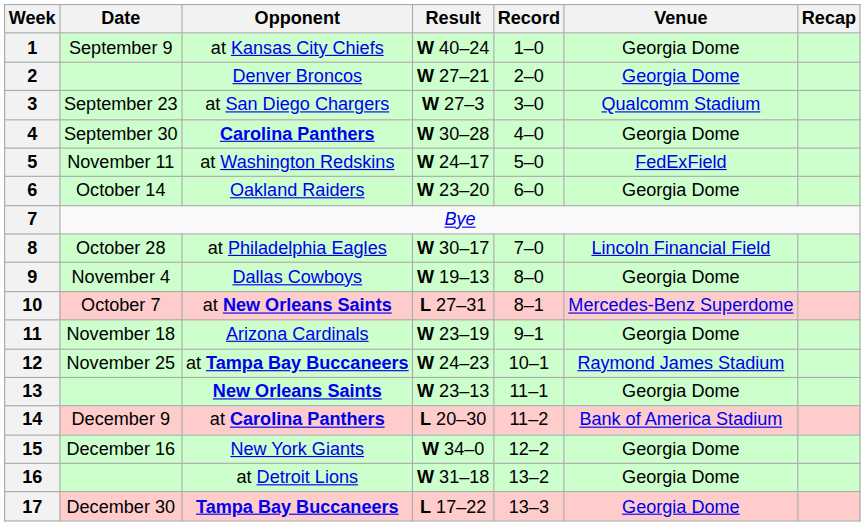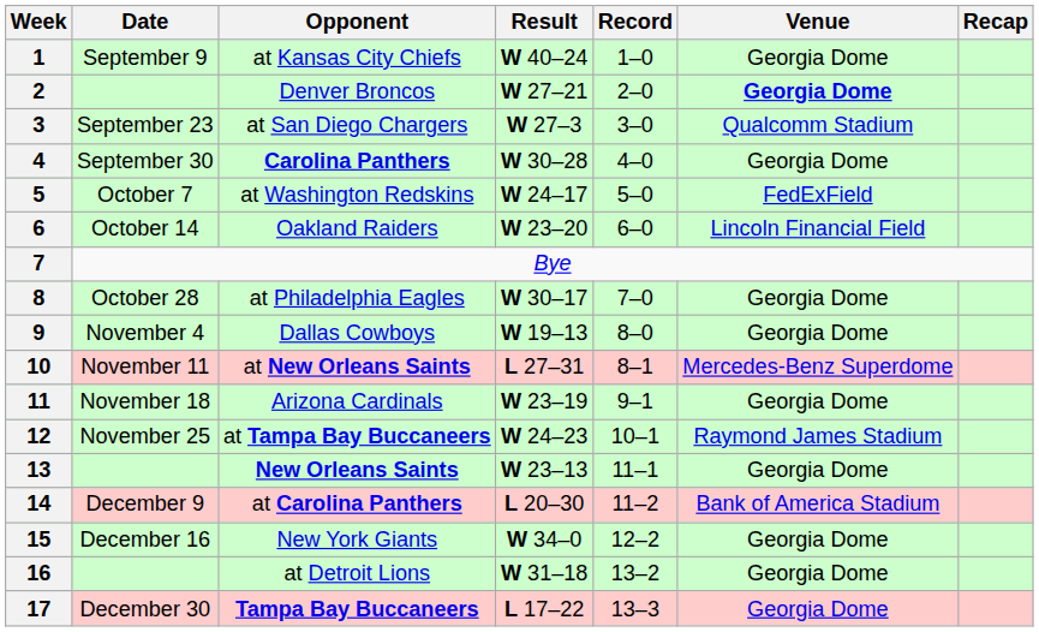 <table class="wikitable" style="text-align:center">
 <tr>
 <th>Week</th>
 <th>Date</th>
 <th>Opponent</th>
 <th>Result</th>
 <th>Record</th>
 <th>Venue</th>
 <th>Recap</th>
 </tr>
 <tr style="background:#cfc; text-align:center;">
 <th>1</th>
 <td>September 9</td>
 <td>at <a href='#'>Kansas City Chiefs</a></td>
 <td><strong>W</strong> 40–24</td>
 <td>1–0</td>
 <td>Georgia Dome</td>
 <td></td>
 </tr>
 <tr style="background:#cfc; text-align:center;">
 <th>2</th>
 <td></td>
 <td><a href='#'>Denver Broncos</a></td>
 <td><strong>W</strong> 27–21</td>
 <td>2–0</td>
-<td><a href='#'>Georgia Dome</a></td>
+<td><strong><a href='#'>Georgia Dome</a></strong></td>
 <td></td>
 </tr>
 <tr style="background:#cfc; text-align:center;">
 <th>3</th>
 <td>September 23</td>
 <td>at <a href='#'>San Diego Chargers</a></td>
 <td><strong>W</strong> 27–3</td>
 <td>3–0</td>
 <td><a href='#'>Qualcomm Stadium</a></td>
 <td></td>
 </tr>
 <tr style="background:#cfc; text-align:center;">
 <th>4</th>
 <td>September 30</td>
 <td><strong><a href='#'>Carolina Panthers</a></strong></td>
 <td><strong>W</strong> 30–28</td>
 <td>4–0</td>
 <td>Georgia Dome</td>
 <td></td>
 </tr>
 <tr style="background:#cfc; text-align:center;">
 <th>5</th>
-<td>November 11</td>
+<td>October 7</td>
 <td>at <a href='#'>Washington Redskins</a></td>
 <td><strong>W</strong> 24–17</td>
 <td>5–0</td>
 <td><a href='#'>FedExField</a></td>
 <td></td>
 </tr>
 <tr style="background:#cfc; text-align:center;">
 <th>6</th>
 <td>October 14</td>
 <td><a href='#'>Oakland Raiders</a></td>
 <td><strong>W</strong> 23–20</td>
 <td>6–0</td>
-<td>Georgia Dome</td>
+<td><a href='#'>Lincoln Financial Field</a></td>
 <td></td>
 </tr>
 <tr style="background:#">
 <th>7</th>
 <td colspan="6" style="text-align:center;"><em><a href='#'>Bye</a></em></td>
 </tr>
 <tr style="background:#cfc; text-align:center;">
 <th>8</th>
 <td>October 28</td>
 <td>at <a href='#'>Philadelphia Eagles</a></td>
 <td><strong>W</strong> 30–17</td>
 <td>7–0</td>
-<td><a href='#'>Lincoln Financial Field</a></td>
+<td>Georgia Dome</td>
 <td></td>
 </tr>
 <tr style="background:#cfc; text-align:center;">
 <th>9</th>
 <td>November 4</td>
 <td><a href='#'>Dallas Cowboys</a></td>
 <td><strong>W</strong> 19–13</td>
 <td>8–0</td>
 <td>Georgia Dome</td>
 <td></td>
 </tr>
 <tr style="background:#fcc; text-align:center;">
 <th>10</th>
-<td>October 7</td>
+<td>November 11</td>
 <td>at <strong><a href='#'>New Orleans Saints</a></strong></td>
 <td><strong>L</strong> 27–31</td>
 <td>8–1</td>
 <td><a href='#'>Mercedes-Benz Superdome</a></td>
 <td></td>
 </tr>
 <tr style="background:#cfc; text-align:center;">
 <th>11</th>
 <td>November 18</td>
 <td><a href='#'>Arizona Cardinals</a></td>
 <td><strong>W</strong> 23–19</td>
 <td>9–1</td>
 <td>Georgia Dome</td>
 <td></td>
 </tr>
 <tr style="background:#cfc; text-align:center;">
 <th>12</th>
 <td>November 25</td>
 <td>at <strong><a href='#'>Tampa Bay Buccaneers</a></strong></td>
 <td><strong>W</strong> 24–23</td>
 <td>10–1</td>
 <td><a href='#'>Raymond James Stadium</a></td>
 <td></td>
 </tr>
 <tr style="background:#cfc; text-align:center;">
 <th>13</th>
 <td></td>
 <td><strong><a href='#'>New Orleans Saints</a></strong></td>
 <td><strong>W</strong> 23–13</td>
 <td>11–1</td>
 <td>Georgia Dome</td>
 <td></td>
 </tr>
 <tr style="background:#fcc; text-align:center;">
 <th>14</th>
 <td>December 9</td>
 <td>at <strong><a href='#'>Carolina Panthers</a></strong></td>
 <td><strong>L</strong> 20–30</td>
 <td>11–2</td>
 <td><a href='#'>Bank of America Stadium</a></td>
 <td></td>
 </tr>
 <tr style="background:#cfc; text-align:center;">
 <th>15</th>
 <td>December 16</td>
 <td><a href='#'>New York Giants</a></td>
 <td><strong>W</strong> 34–0</td>
 <td>12–2</td>
 <td>Georgia Dome</td>
 <td></td>
 </tr>
 <tr style="background:#cfc; text-align:center;">
 <th>16</th>
 <td></td>
 <td>at <a href='#'>Detroit Lions</a></td>
 <td><strong>W</strong> 31–18</td>
 <td>13–2</td>
 <td>Georgia Dome</td>
 <td></td>
 </tr>
 <tr style="background:#fcc; text-align:center;">
 <th>17</th>
 <td>December 30</td>
 <td><strong><a href='#'>Tampa Bay Buccaneers</a></strong></td>
 <td><strong>L</strong> 17–22</td>
 <td>13–3</td>
 <td><a href='#'>Georgia Dome</a></td>
 <td></td>
 </tr>
 </table>
